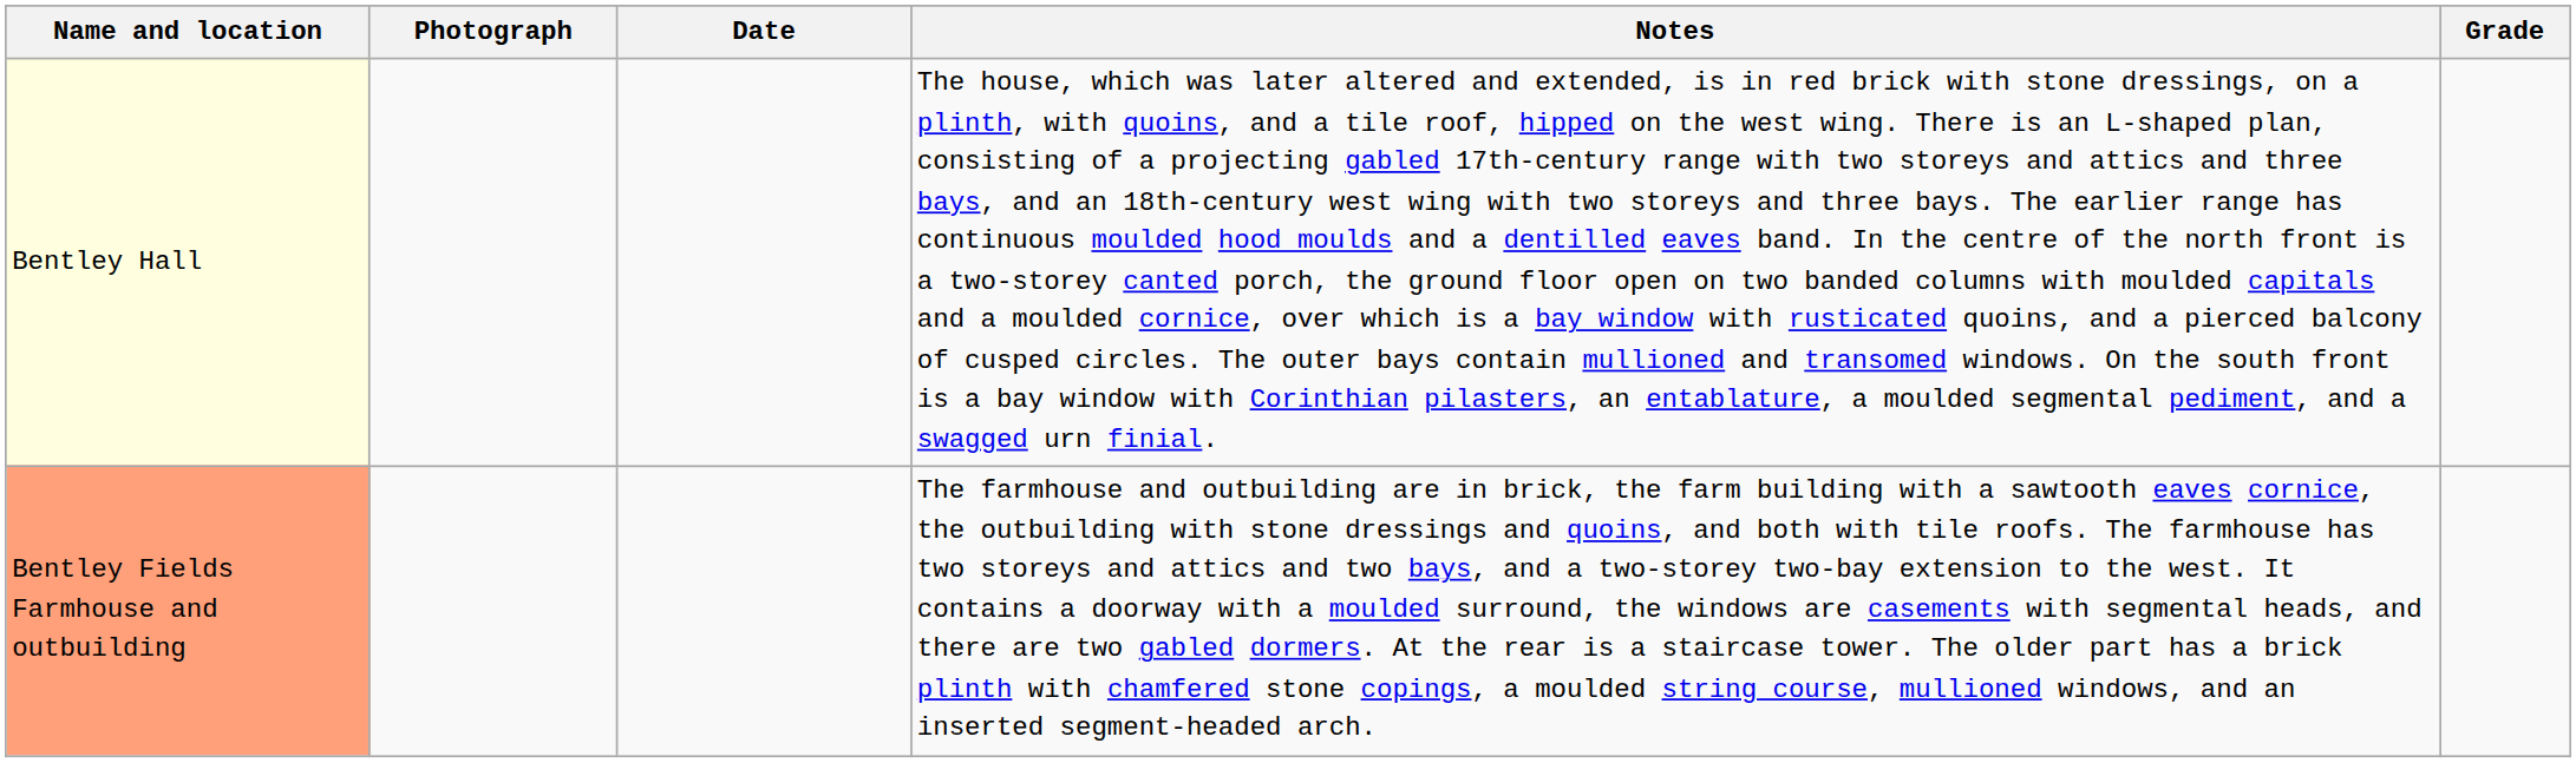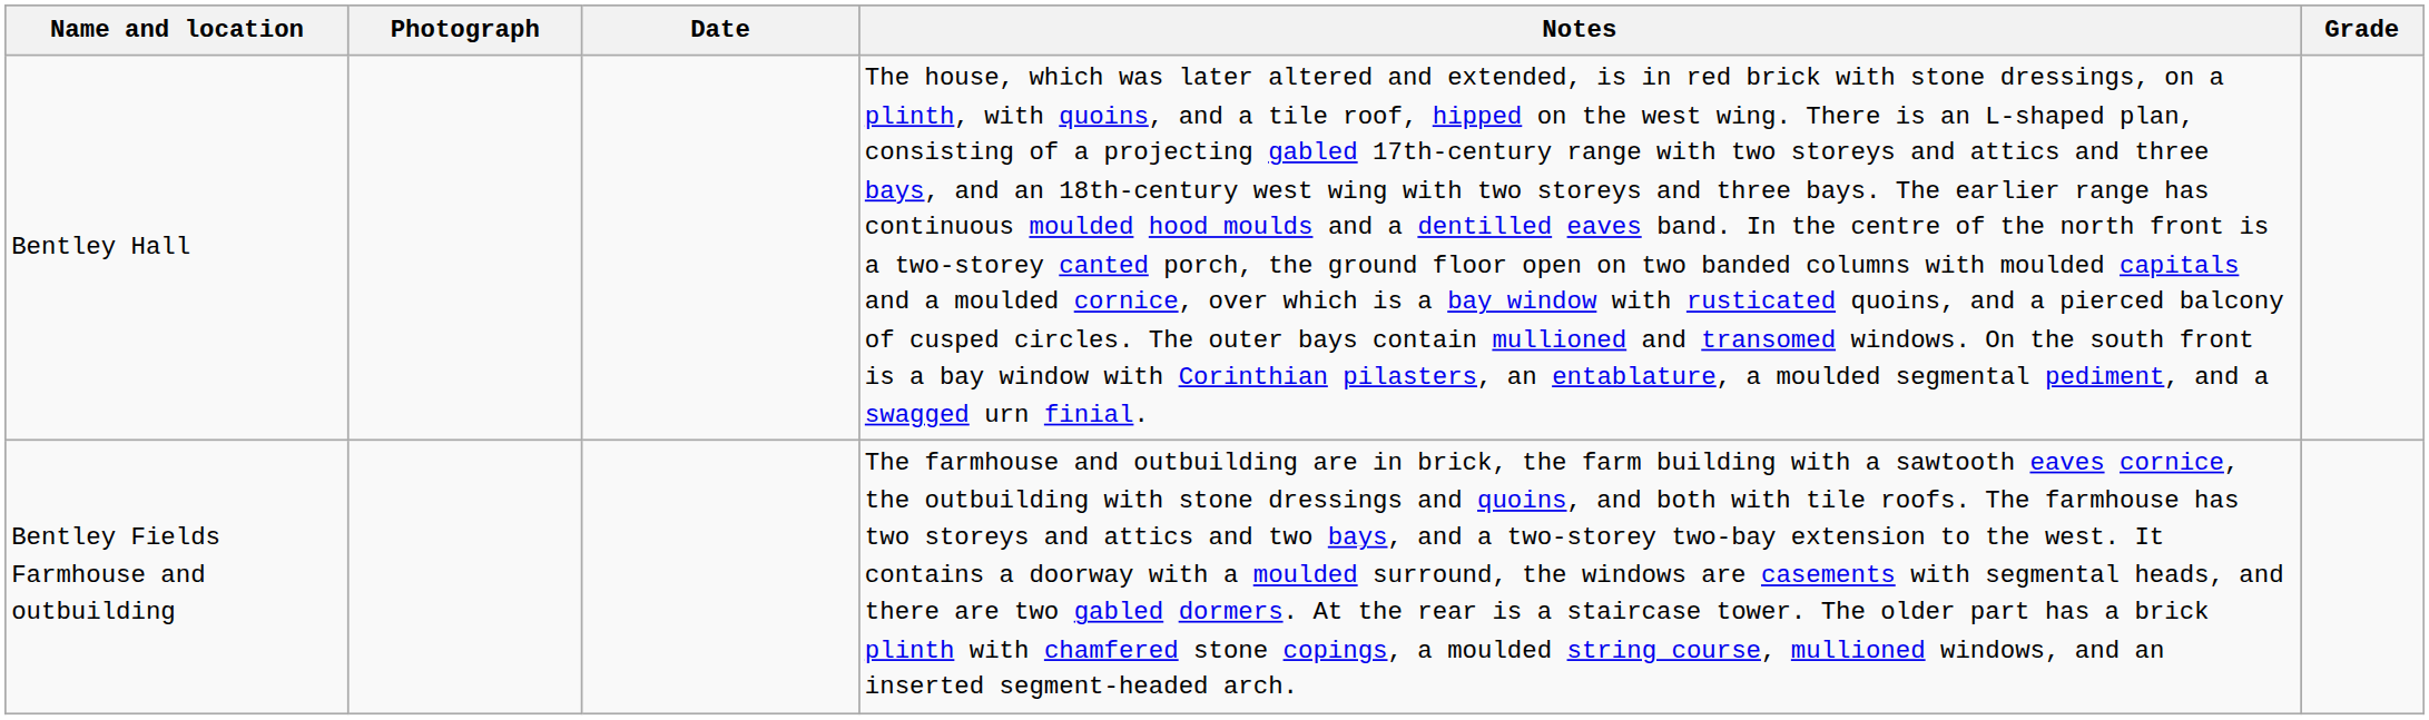 <table class="wikitable sortable plainrowheaders" style="width:100%; border:0; text-align:left; line-height:150%;">
 <tr>
 <th scope="col"  style="width:150px">Name and location</th>
 <th scope="col"  style="width:100px" class="unsortable">Photograph</th>
 <th scope="col"  style="width:120px">Date</th>
 <th scope="col"  style="width:650px" class="unsortable">Notes</th>
 <th scope="col"  style="width:50px">Grade</th>
 </tr>
 <tr>
-<td style="background: lightyellow;">Bentley Hall<br><small></small></td>
+<td>Bentley Hall<br><small></small></td>
 <td></td>
 <td align="center"></td>
 <td>The house, which was later altered and extended, is in red brick with stone dressings, on a <a href='#'>plinth</a>, with <a href='#'>quoins</a>, and a tile roof, <a href='#'>hipped</a> on the west wing.  There is an L-shaped plan, consisting of a projecting <a href='#'>gabled</a> 17th-century range with two storeys and attics and three <a href='#'>bays</a>, and an 18th-century west wing with two storeys and three bays.  The earlier range has continuous <a href='#'>moulded</a> <a href='#'>hood moulds</a> and a <a href='#'>dentilled</a> <a href='#'>eaves</a> band.  In the centre of the north front is a two-storey <a href='#'>canted</a> porch, the ground floor open on two banded columns with moulded <a href='#'>capitals</a> and a moulded <a href='#'>cornice</a>, over which is a <a href='#'>bay window</a> with <a href='#'>rusticated</a> quoins, and a pierced balcony of cusped circles.  The outer bays contain <a href='#'>mullioned</a> and <a href='#'>transomed</a> windows.  On the south front is a bay window with <a href='#'>Corinthian</a> <a href='#'>pilasters</a>, an <a href='#'>entablature</a>, a moulded segmental <a href='#'>pediment</a>, and a <a href='#'>swagged</a> urn <a href='#'>finial</a>.</td>
 <td align="center" ></td>
 </tr>
 <tr>
-<td style="background: lightsalmon;">Bentley Fields Farmhouse and outbuilding<br><small></small></td>
+<td>Bentley Fields Farmhouse and outbuilding<br><small></small></td>
 <td></td>
 <td align="center"></td>
 <td>The farmhouse and outbuilding are in brick, the farm building with a sawtooth <a href='#'>eaves</a> <a href='#'>cornice</a>, the outbuilding with stone dressings and <a href='#'>quoins</a>, and both with tile roofs.  The farmhouse has two storeys and attics and two <a href='#'>bays</a>, and a two-storey two-bay extension to the west.  It contains a doorway with a <a href='#'>moulded</a> surround, the windows are <a href='#'>casements</a> with segmental heads, and there are two <a href='#'>gabled</a> <a href='#'>dormers</a>.  At the rear is a staircase tower.  The older part has a brick <a href='#'>plinth</a> with <a href='#'>chamfered</a> stone <a href='#'>copings</a>, a moulded <a href='#'>string course</a>, <a href='#'>mullioned</a> windows, and an inserted segment-headed arch.</td>
 <td align="center" ></td>
 </tr>
 <tr>
 </tr>
 </table>
